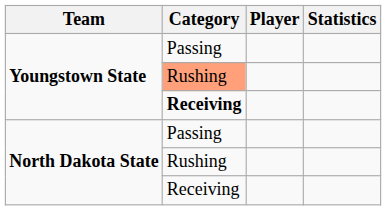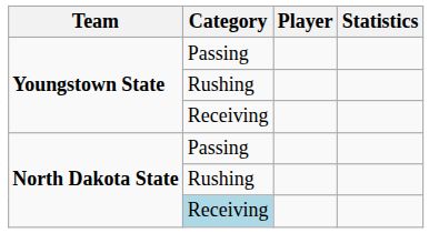 <table class="wikitable" style="float: right;">
 <tr>
 <th>Team</th>
 <th>Category</th>
 <th>Player</th>
 <th>Statistics</th>
 </tr>
 <tr>
 <td rowspan=3><strong>Youngstown State</strong></td>
 <td>Passing</td>
 <td></td>
 <td></td>
 </tr>
 <tr>
-<td style="background: lightsalmon;">Rushing</td>
+<td>Rushing</td>
 <td></td>
 <td></td>
 </tr>
 <tr>
-<td><strong>Receiving</strong></td>
+<td>Receiving</td>
 <td></td>
 <td></td>
 </tr>
 <tr>
 <td rowspan=3><strong>North Dakota State</strong></td>
 <td>Passing</td>
 <td></td>
 <td></td>
 </tr>
 <tr>
 <td>Rushing</td>
 <td></td>
 <td></td>
 </tr>
 <tr>
-<td>Receiving</td>
+<td style="background: lightblue;">Receiving</td>
 <td></td>
 <td></td>
 </tr>
 </table>
